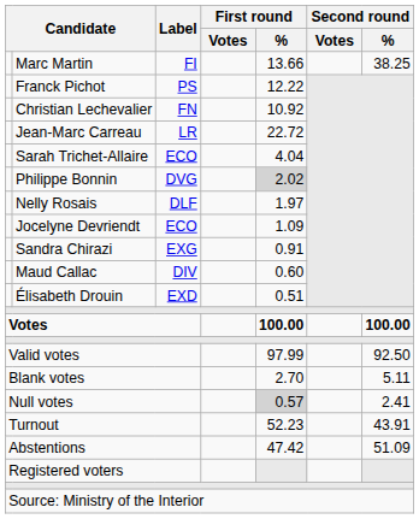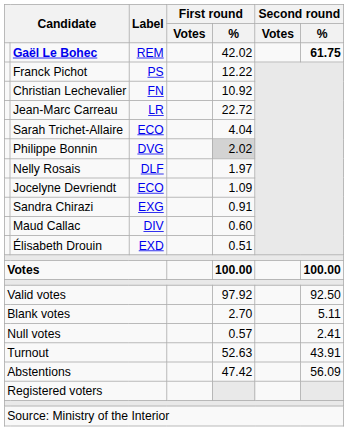 <table class="wikitable" style="text-align:right;font-size:95%;">
 <tr>
 <th rowspan="2" colspan="2">Candidate</th>
 <th rowspan="2">Label</th>
 <th colspan="2">First round</th>
 <th colspan="2">Second round</th>
 </tr>
 <tr>
 <th style="width:50px;">Votes</th>
 <th style="width:45px;">%</th>
 <th style="width:50px;">Votes</th>
 <th style="width:45px;">%</th>
 </tr>
 <tr>
 <td style="color:inherit;background:"></td>
-<td style="text-align:left;">Marc Martin</td>
-<td><a href='#'>FI</a></td>
+<td style="text-align:left;"><strong><a href='#'>Gaël Le Bohec</a></strong></td>
+<td><a href='#'>REM</a></td>
 <td></td>
-<td>13.66</td>
-<td></td>
-<td>38.25</td>
+<td>42.02</td>
+<td><strong></strong></td>
+<td><strong>61.75</strong></td>
 </tr>
 <tr>
 <td style="color:inherit;background:"></td>
 <td style="text-align:left;">Franck Pichot</td>
 <td><a href='#'>PS</a></td>
 <td></td>
 <td>12.22</td>
 <td colspan="2" rowspan="10" style="background:#E9E9E9;"></td>
 </tr>
 <tr>
 <td style="color:inherit;background:"></td>
 <td style="text-align:left;">Christian Lechevalier</td>
 <td><a href='#'>FN</a></td>
 <td></td>
 <td>10.92</td>
 </tr>
 <tr>
 <td style="color:inherit;background:"></td>
 <td style="text-align:left;">Jean-Marc Carreau</td>
 <td><a href='#'>LR</a></td>
 <td></td>
 <td>22.72</td>
 </tr>
 <tr>
 <td style="color:inherit;background:"></td>
 <td style="text-align:left;">Sarah Trichet-Allaire</td>
 <td><a href='#'>ECO</a></td>
 <td></td>
 <td>4.04</td>
 </tr>
 <tr>
 <td style="color:inherit;background:"></td>
 <td style="text-align:left;">Philippe Bonnin</td>
 <td><a href='#'>DVG</a></td>
 <td></td>
 <td style="background: lightgrey;">2.02</td>
 </tr>
 <tr>
 <td style="color:inherit;background:"></td>
 <td style="text-align:left;">Nelly Rosais</td>
 <td><a href='#'>DLF</a></td>
 <td></td>
 <td>1.97</td>
 </tr>
 <tr>
 <td style="color:inherit;background:"></td>
 <td style="text-align:left;">Jocelyne Devriendt</td>
 <td><a href='#'>ECO</a></td>
 <td></td>
 <td>1.09</td>
 </tr>
 <tr>
 <td style="color:inherit;background:"></td>
 <td style="text-align:left;">Sandra Chirazi</td>
 <td><a href='#'>EXG</a></td>
 <td></td>
 <td>0.91</td>
 </tr>
 <tr>
 <td style="color:inherit;background:"></td>
 <td style="text-align:left;">Maud Callac</td>
 <td><a href='#'>DIV</a></td>
 <td></td>
 <td>0.60</td>
 </tr>
 <tr>
 <td style="color:inherit;background:"></td>
 <td style="text-align:left;">Élisabeth Drouin</td>
 <td><a href='#'>EXD</a></td>
 <td></td>
 <td>0.51</td>
 </tr>
 <tr>
 <td colspan="7" style="background:#E9E9E9;"></td>
 </tr>
 <tr style="font-weight:bold;">
 <td colspan="3" style="text-align:left;">Votes</td>
 <td></td>
 <td>100.00</td>
 <td></td>
 <td>100.00</td>
 </tr>
 <tr>
 <td colspan="7" style="background:#E9E9E9;"></td>
 </tr>
 <tr>
 <td colspan="3" style="text-align:left;">Valid votes</td>
 <td></td>
-<td>97.99</td>
+<td>97.92</td>
 <td></td>
 <td>92.50</td>
 </tr>
 <tr>
 <td colspan="3" style="text-align:left;">Blank votes</td>
 <td></td>
 <td>2.70</td>
 <td></td>
 <td>5.11</td>
 </tr>
 <tr>
 <td colspan="3" style="text-align:left;">Null votes</td>
 <td></td>
-<td style="background: lightgrey;">0.57</td>
+<td>0.57</td>
 <td></td>
 <td>2.41</td>
 </tr>
 <tr>
 <td colspan="3" style="text-align:left;">Turnout</td>
 <td></td>
-<td>52.23</td>
+<td>52.63</td>
 <td></td>
 <td>43.91</td>
 </tr>
 <tr>
 <td colspan="3" style="text-align:left;">Abstentions</td>
 <td></td>
 <td>47.42</td>
 <td></td>
-<td>51.09</td>
+<td>56.09</td>
 </tr>
 <tr>
 <td colspan="3" style="text-align:left;">Registered voters</td>
 <td></td>
 <td style="color:inherit;background:#E9E9E9;"></td>
 <td></td>
 <td style="color:inherit;background:#E9E9E9;"></td>
 </tr>
 <tr>
 <td colspan="7" style="background:#E9E9E9;"></td>
 </tr>
 <tr>
 <td colspan="7" style="text-align:left;">Source: Ministry of the Interior</td>
 </tr>
 </table>
